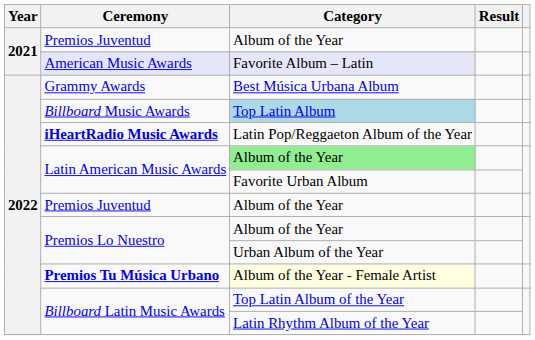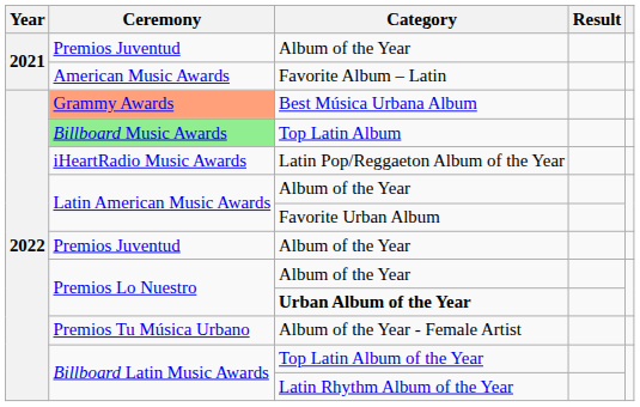 <table class="wikitable plainrowheaders">
 <tr>
 <th scope="col">Year</th>
 <th scope="col">Ceremony</th>
 <th scope="col">Category</th>
 <th scope="col">Result</th>
 <th></th>
 </tr>
 <tr>
 <th rowspan="2" scope="row">2021</th>
 <td><a href='#'>Premios Juventud</a></td>
 <td>Album of the Year</td>
 <td></td>
 <td style="text-align:center;"></td>
 </tr>
 <tr>
-<td style="background: lavender;"><a href='#'>American Music Awards</a></td>
-<td style="background: lavender;">Favorite Album – Latin</td>
+<td><a href='#'>American Music Awards</a></td>
+<td>Favorite Album – Latin</td>
 <td></td>
 <td style="text-align:center;"></td>
 </tr>
 <tr>
 <th scope="row" rowspan="11">2022</th>
-<td><a href='#'>Grammy Awards</a></td>
+<td style="background: lightsalmon;"><a href='#'>Grammy Awards</a></td>
 <td><a href='#'>Best Música Urbana Album</a></td>
 <td></td>
 <td style="text-align:center;"></td>
 </tr>
 <tr>
-<td><a href='#'><em>Billboard</em> Music Awards</a></td>
-<td style="background: lightblue;"><a href='#'>Top Latin Album</a></td>
+<td style="background: lightgreen;"><a href='#'><em>Billboard</em> Music Awards</a></td>
+<td><a href='#'>Top Latin Album</a></td>
 <td></td>
 <td style="text-align:center;"></td>
 </tr>
 <tr>
-<td><strong><a href='#'>iHeartRadio Music Awards</a></strong></td>
+<td><a href='#'>iHeartRadio Music Awards</a></td>
 <td>Latin Pop/Reggaeton Album of the Year</td>
 <td></td>
 <td style="text-align:center;"></td>
 </tr>
 <tr>
 <td rowspan="2"><a href='#'>Latin American Music Awards</a></td>
-<td style="background: lightgreen;">Album of the Year</td>
+<td>Album of the Year</td>
 <td></td>
 <td rowspan="2" style="text-align:center;"></td>
 </tr>
 <tr>
 <td>Favorite Urban Album</td>
 <td></td>
 </tr>
 <tr>
 <td><a href='#'>Premios Juventud</a></td>
 <td>Album of the Year</td>
 <td></td>
 <td style="text-align:center;"></td>
 </tr>
 <tr>
 <td rowspan="2"><a href='#'>Premios Lo Nuestro</a></td>
 <td>Album of the Year</td>
 <td></td>
 <td rowspan="2" style="text-align:center;"></td>
 </tr>
 <tr>
-<td>Urban Album of the Year</td>
+<td><strong>Urban Album of the Year</strong></td>
 <td></td>
 </tr>
 <tr>
-<td><strong><a href='#'>Premios Tu Música Urbano</a></strong></td>
-<td style="background: lightyellow;">Album of the Year - Female Artist</td>
+<td><a href='#'>Premios Tu Música Urbano</a></td>
+<td>Album of the Year - Female Artist</td>
 <td></td>
 <td style="text-align:center;"></td>
 </tr>
 <tr>
 <td rowspan="2"><a href='#'><em>Billboard</em> Latin Music Awards</a></td>
 <td><a href='#'>Top Latin Album of the Year</a></td>
 <td></td>
 <td rowspan="2" style="text-align:center;"></td>
 </tr>
 <tr>
 <td><a href='#'>Latin Rhythm Album of the Year</a></td>
 <td></td>
 </tr>
 </table>
